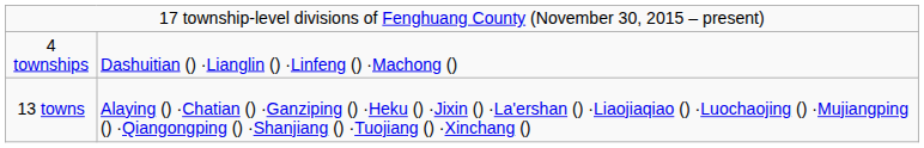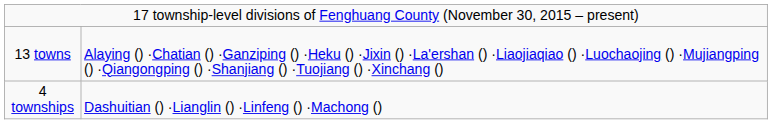 <table class="wikitable">
 <tr>
 <td style="text-align:center;" colspan="2">17 township-level divisions of <a href='#'>Fenghuang County</a> (November 30, 2015 – present)</td>
 </tr>
 <tr align=left>
+<td align=center>13 <a href='#'>towns</a></td>
+<td><br><a href='#'>Alaying</a> () ·<a href='#'>Chatian</a> () ·<a href='#'>Ganziping</a> () ·<a href='#'>Heku</a> () ·<a href='#'>Jixin</a> () ·<a href='#'>La'ershan</a> () ·<a href='#'>Liaojiaqiao</a> () ·<a href='#'>Luochaojing</a> () ·<a href='#'>Mujiangping</a> () ·<a href='#'>Qiangongping</a> () ·<a href='#'>Shanjiang</a> () ·<a href='#'>Tuojiang</a> () ·<a href='#'>Xinchang</a> ()</td>
+</tr>
+<tr align=left>
 <td align=center>4 <a href='#'>townships</a></td>
 <td><br><a href='#'>Dashuitian</a> () ·<a href='#'>Lianglin</a> () ·<a href='#'>Linfeng</a> () ·<a href='#'>Machong</a> ()</td>
 </tr>
-<tr align=left>
-<td align=center>13 <a href='#'>towns</a></td>
-<td><br><a href='#'>Alaying</a> () ·<a href='#'>Chatian</a> () ·<a href='#'>Ganziping</a> () ·<a href='#'>Heku</a> () ·<a href='#'>Jixin</a> () ·<a href='#'>La'ershan</a> () ·<a href='#'>Liaojiaqiao</a> () ·<a href='#'>Luochaojing</a> () ·<a href='#'>Mujiangping</a> () ·<a href='#'>Qiangongping</a> () ·<a href='#'>Shanjiang</a> () ·<a href='#'>Tuojiang</a> () ·<a href='#'>Xinchang</a> ()</td>
-</tr>
 </table>
